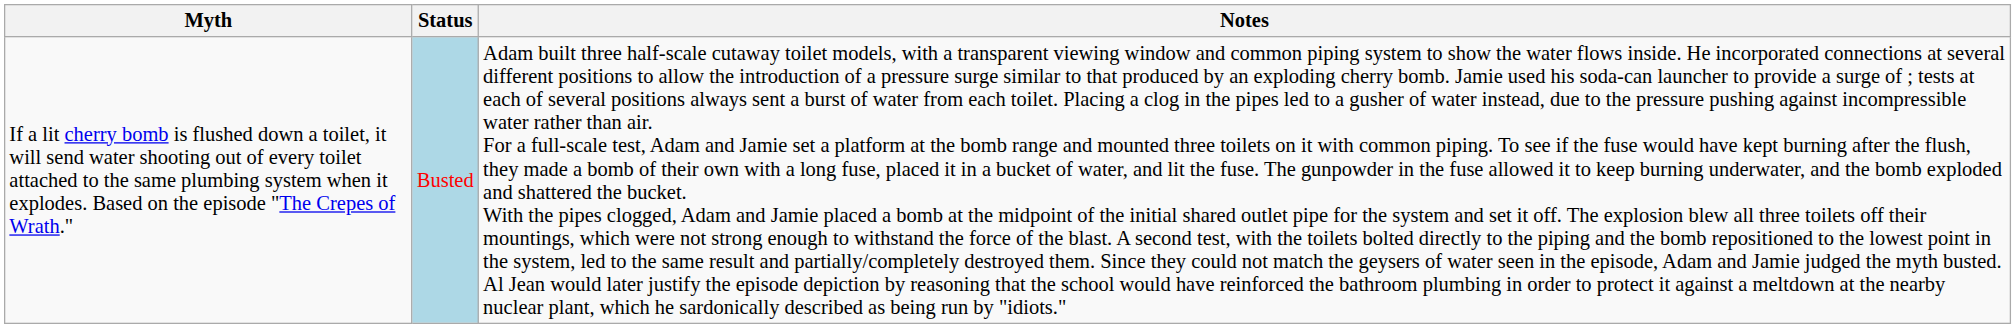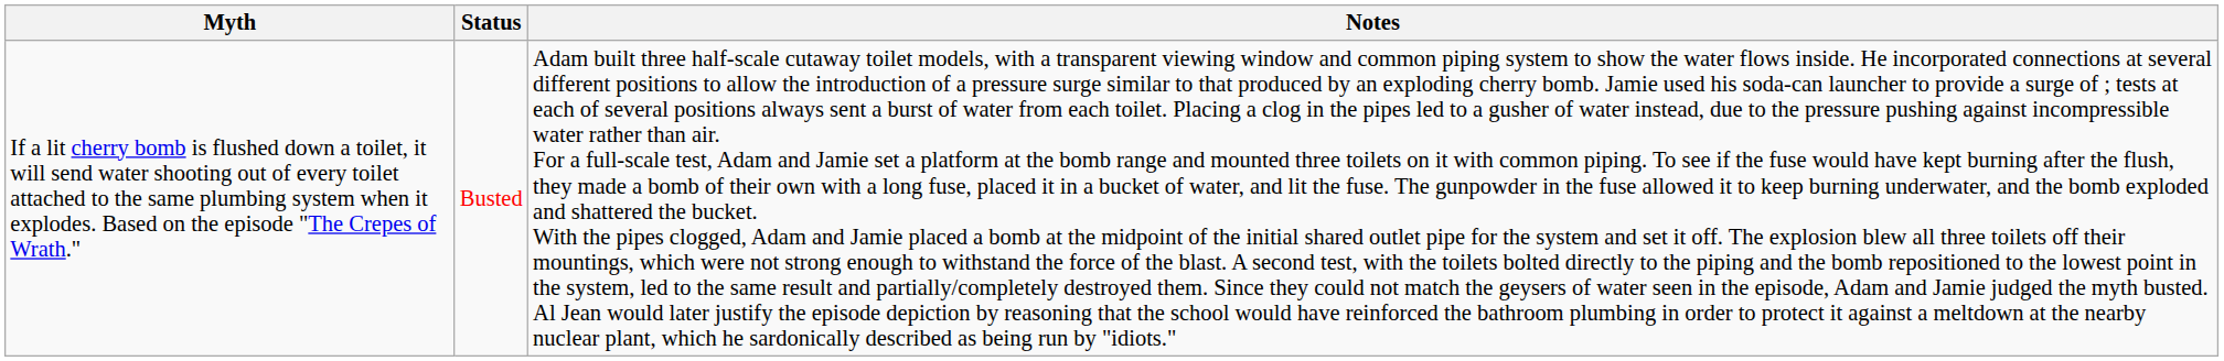 <table class="wikitable plainrowheaders">
 <tr>
 <th scope"col">Myth</th>
 <th scope"col">Status</th>
 <th scope"col">Notes</th>
 </tr>
 <tr>
 <td scope"row">If a lit <a href='#'>cherry bomb</a> is flushed down a toilet, it will send water shooting out of every toilet attached to the same plumbing system when it explodes. Based on the episode "<a href='#'>The Crepes of Wrath</a>."</td>
-<td style="background: lightblue; color:red">Busted</td>
+<td style="color:red">Busted</td>
 <td>Adam built three half-scale cutaway toilet models, with a transparent viewing window and common piping system to show the water flows inside. He incorporated connections at several different positions to allow the introduction of a pressure surge similar to that produced by an exploding cherry bomb. Jamie used his soda-can launcher to provide a surge of ; tests at each of several positions always sent a burst of water from each toilet. Placing a clog in the pipes led to a gusher of water instead, due to the pressure pushing against incompressible water rather than air.<br>For a full-scale test, Adam and Jamie set a platform at the bomb range and mounted three toilets on it with common piping. To see if the fuse would have kept burning after the flush, they made a bomb of their own with a long fuse, placed it in a bucket of water, and lit the fuse. The gunpowder in the fuse allowed it to keep burning underwater, and the bomb exploded and shattered the bucket.<br>With the pipes clogged, Adam and Jamie placed a bomb at the midpoint of the initial shared outlet pipe for the system and set it off. The explosion blew all three toilets off their mountings, which were not strong enough to withstand the force of the blast. A second test, with the toilets bolted directly to the piping and the bomb repositioned to the lowest point in the system, led to the same result and partially/completely destroyed them. Since they could not match the geysers of water seen in the episode, Adam and Jamie judged the myth busted. Al Jean would later justify the episode depiction by reasoning that the school would have reinforced the bathroom plumbing in order to protect it against a meltdown at the nearby nuclear plant, which he sardonically described as being run by "idiots."</td>
 </tr>
 </table>
